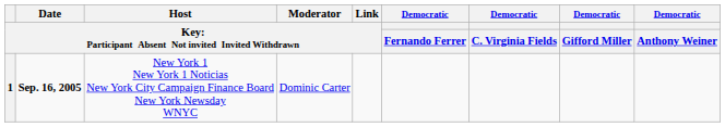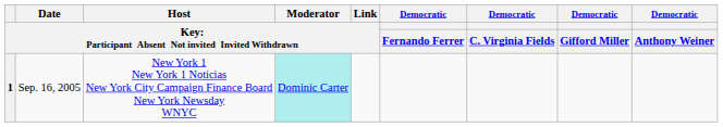 <table class="wikitable" style="text-align:center;">
 <tr>
 <th scope="col"></th>
 <th scope="col">Date</th>
 <th scope="col">Host</th>
 <th scope="col">Moderator</th>
 <th scope="col">Link</th>
 <th scope="col"><small><a href='#'>Democratic</a></small></th>
 <th scope="col"><small><a href='#'>Democratic</a></small></th>
 <th scope="col"><small><a href='#'>Democratic</a></small></th>
 <th scope="col"><small><a href='#'>Democratic</a></small></th>
 </tr>
 <tr>
 <th colspan="5" rowspan="2">Key:<br> <small>Participant </small>  <small>Absent </small>  <small>Not invited </small>  <small>Invited  Withdrawn</small></th>
 <th scope="col" style="background:"></th>
 <th scope="col" style="background:"></th>
 <th scope="col" style="background:"></th>
 <th scope="col" style="background:"></th>
 </tr>
 <tr>
 <th scope="col"><a href='#'>Fernando Ferrer</a></th>
 <th scope="col"><a href='#'>C. Virginia Fields</a></th>
 <th scope="col"><a href='#'>Gifford Miller</a></th>
 <th scope="col"><a href='#'>Anthony Weiner</a></th>
 </tr>
 <tr>
 <th>1</th>
-<td style="white-space:nowrap;"><strong>Sep. 16, 2005</strong></td>
+<td style="white-space:nowrap;">Sep. 16, 2005</td>
 <td style="white-space:nowrap;"><a href='#'>New York 1</a><br><a href='#'>New York 1 Noticias</a><br><a href='#'>New York City Campaign Finance Board</a><br><a href='#'>New York Newsday</a><br><a href='#'>WNYC</a></td>
-<td style="white-space:nowrap;"><a href='#'>Dominic Carter</a></td>
+<td style="background: paleturquoise; white-space:nowrap;"><a href='#'>Dominic Carter</a></td>
 <td style="white-space:nowrap;"></td>
 <td></td>
 <td></td>
 <td></td>
 <td></td>
 </tr>
 </table>
